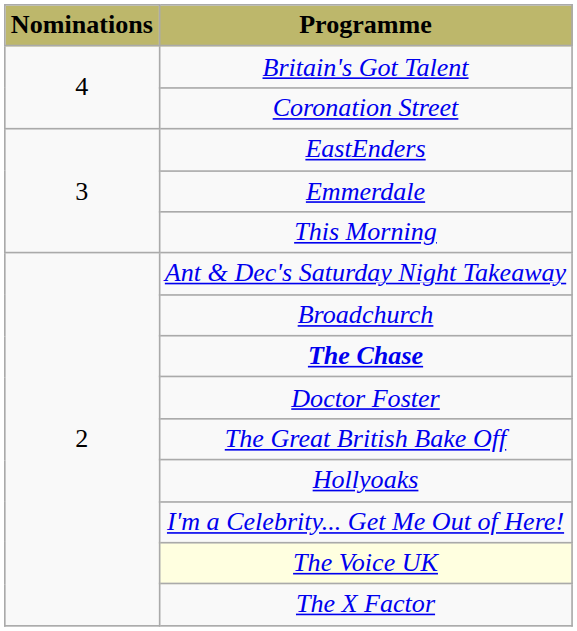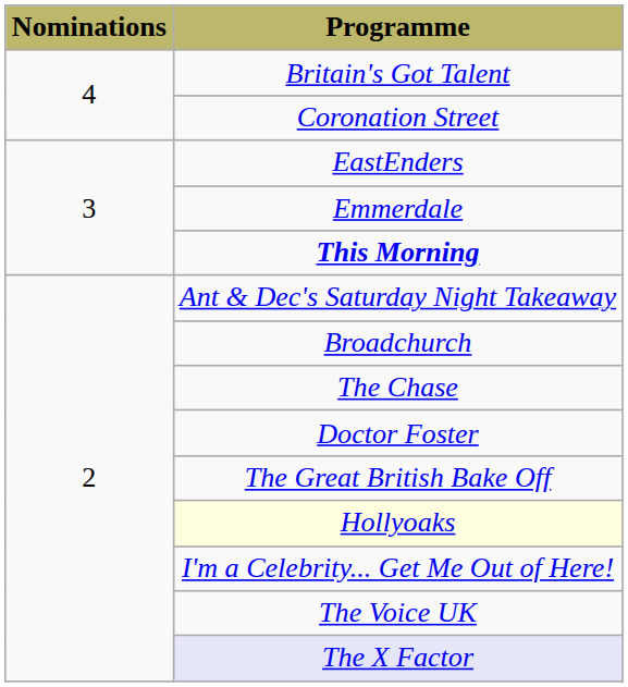 <table class="wikitable" style="text-align:center;">
 <tr>
 <th style="background:#BDB76B;">Nominations</th>
 <th style="background:#BDB76B;">Programme</th>
 </tr>
 <tr>
 <td rowspan="2">4</td>
 <td><em><a href='#'>Britain's Got Talent</a></em></td>
 </tr>
 <tr>
 <td><em><a href='#'>Coronation Street</a></em></td>
 </tr>
 <tr>
 <td rowspan="3">3</td>
 <td><em><a href='#'>EastEnders</a></em></td>
 </tr>
 <tr>
 <td><em><a href='#'>Emmerdale</a></em></td>
 </tr>
 <tr>
-<td><em><a href='#'>This Morning</a></em></td>
+<td><strong><em><a href='#'>This Morning</a></em></strong></td>
 </tr>
 <tr>
 <td rowspan="9">2</td>
 <td><em><a href='#'>Ant & Dec's Saturday Night Takeaway</a></em></td>
 </tr>
 <tr>
 <td><em><a href='#'>Broadchurch</a></em></td>
 </tr>
 <tr>
-<td><strong><em><a href='#'>The Chase</a></em></strong></td>
+<td><em><a href='#'>The Chase</a></em></td>
 </tr>
 <tr>
 <td><em><a href='#'>Doctor Foster</a></em></td>
 </tr>
 <tr>
 <td><em><a href='#'>The Great British Bake Off</a></em></td>
 </tr>
 <tr>
-<td><em><a href='#'>Hollyoaks</a></em></td>
+<td style="background: lightyellow;"><em><a href='#'>Hollyoaks</a></em></td>
 </tr>
 <tr>
 <td><em><a href='#'>I'm a Celebrity... Get Me Out of Here!</a></em></td>
 </tr>
 <tr>
-<td style="background: lightyellow;"><em><a href='#'>The Voice UK</a></em></td>
+<td><em><a href='#'>The Voice UK</a></em></td>
 </tr>
 <tr>
-<td><em><a href='#'>The X Factor</a></em></td>
+<td style="background: lavender;"><em><a href='#'>The X Factor</a></em></td>
 </tr>
 </table>
